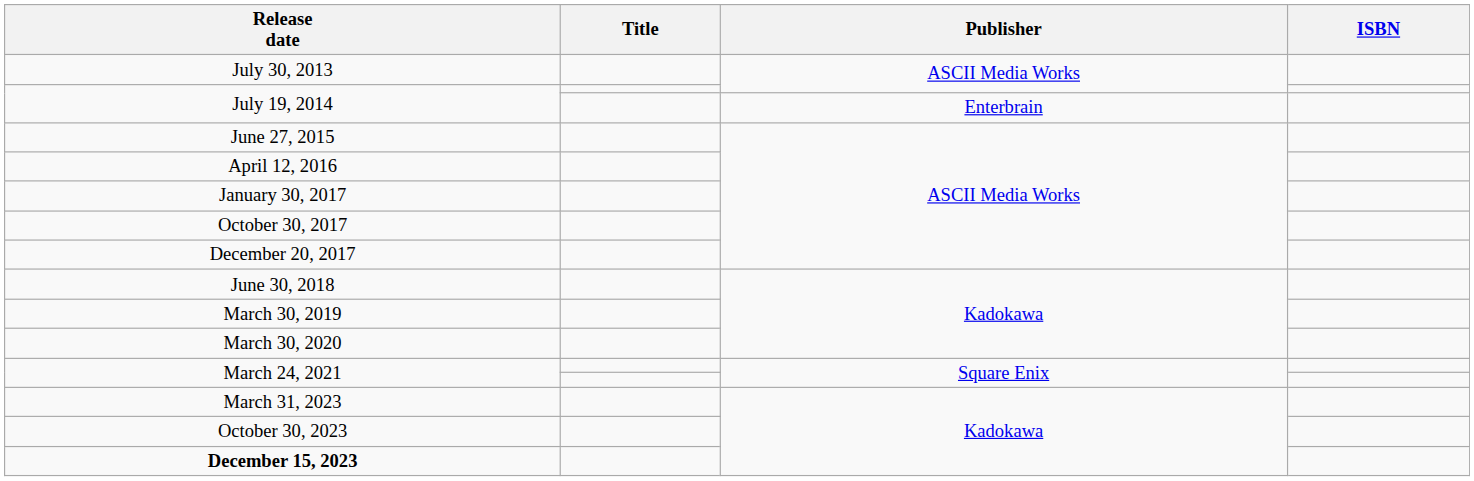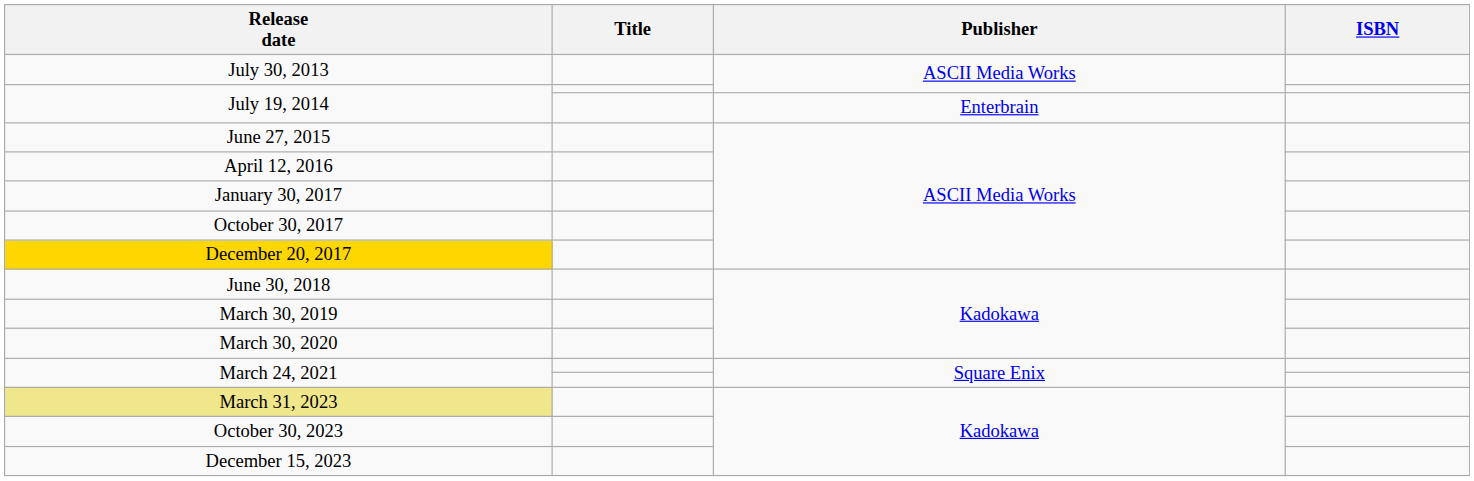 <table class="wikitable" style="width: 100%; text-align: center">
 <tr>
 <th>Release<br>date</th>
 <th>Title</th>
 <th>Publisher</th>
 <th><a href='#'>ISBN</a></th>
 </tr>
 <tr>
 <td>July 30, 2013</td>
 <td></td>
 <td rowspan="2"><a href='#'>ASCII Media Works</a></td>
 <td></td>
 </tr>
 <tr>
 <td rowspan="2">July 19, 2014</td>
 <td></td>
 <td></td>
 </tr>
 <tr>
 <td></td>
 <td><a href='#'>Enterbrain</a></td>
 <td></td>
 </tr>
 <tr>
 <td>June 27, 2015</td>
 <td></td>
 <td rowspan="5"><a href='#'>ASCII Media Works</a></td>
 <td></td>
 </tr>
 <tr>
 <td>April 12, 2016</td>
 <td></td>
 <td></td>
 </tr>
 <tr>
 <td>January 30, 2017</td>
 <td></td>
 <td></td>
 </tr>
 <tr>
 <td>October 30, 2017</td>
 <td></td>
 <td></td>
 </tr>
 <tr>
-<td>December 20, 2017</td>
+<td style="background: gold;">December 20, 2017</td>
 <td></td>
 <td></td>
 </tr>
 <tr>
 <td>June 30, 2018</td>
 <td></td>
 <td rowspan="3"><a href='#'>Kadokawa</a></td>
 <td></td>
 </tr>
 <tr>
 <td>March 30, 2019</td>
 <td></td>
 <td></td>
 </tr>
 <tr>
 <td>March 30, 2020</td>
 <td></td>
 <td></td>
 </tr>
 <tr>
 <td rowspan="2">March 24, 2021</td>
 <td></td>
 <td rowspan="2"><a href='#'>Square Enix</a></td>
 <td></td>
 </tr>
 <tr>
 <td></td>
 <td></td>
 </tr>
 <tr>
-<td>March 31, 2023</td>
+<td style="background: khaki;">March 31, 2023</td>
 <td></td>
 <td rowspan="3"><a href='#'>Kadokawa</a></td>
 <td></td>
 </tr>
 <tr>
 <td>October 30, 2023</td>
 <td></td>
 <td></td>
 </tr>
 <tr>
-<td><strong>December 15, 2023</strong></td>
+<td>December 15, 2023</td>
 <td></td>
 <td></td>
 </tr>
 </table>
